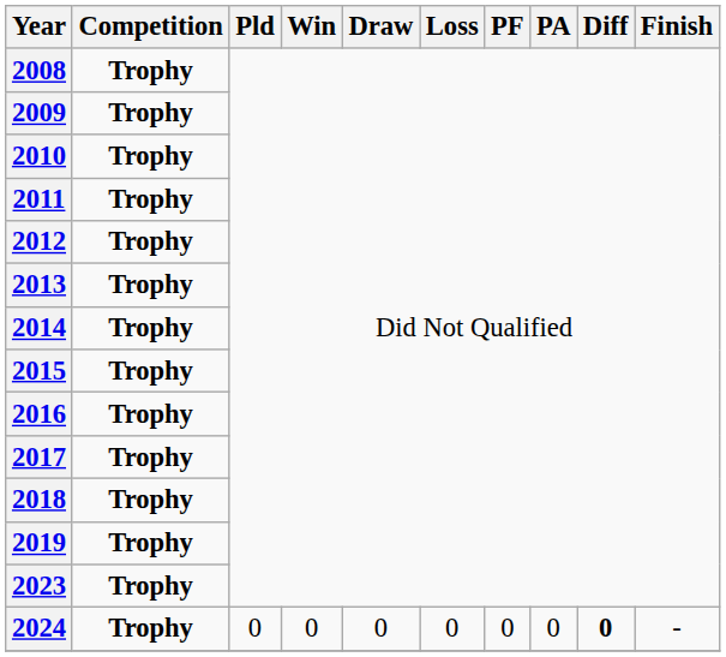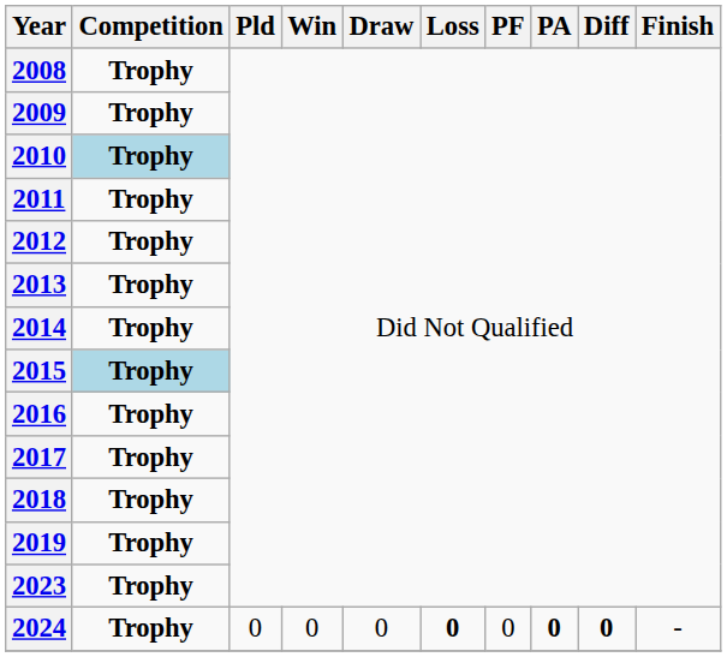 <table class="wikitable" style="text-align:center">
 <tr>
 <th>Year</th>
 <th>Competition</th>
 <th>Pld</th>
 <th>Win</th>
 <th>Draw</th>
 <th>Loss</th>
 <th>PF</th>
 <th>PA</th>
 <th>Diff</th>
 <th>Finish</th>
 </tr>
 <tr>
 <th><a href='#'>2008</a></th>
 <td><strong>Trophy</strong></td>
 <td rowspan=13 colspan=8>Did Not Qualified</td>
 </tr>
 <tr>
 <th><a href='#'>2009</a></th>
 <td><strong>Trophy</strong></td>
 </tr>
 <tr>
 <th><a href='#'>2010</a></th>
-<td><strong>Trophy</strong></td>
+<td style="background: lightblue;"><strong>Trophy</strong></td>
 </tr>
 <tr>
 <th><a href='#'>2011</a></th>
 <td><strong>Trophy</strong></td>
 </tr>
 <tr>
 <th><a href='#'>2012</a></th>
 <td><strong>Trophy</strong></td>
 </tr>
 <tr>
 <th><a href='#'>2013</a></th>
 <td><strong>Trophy</strong></td>
 </tr>
 <tr>
 <th><a href='#'>2014</a></th>
 <td><strong>Trophy</strong></td>
 </tr>
 <tr>
 <th><a href='#'>2015</a></th>
-<td><strong>Trophy</strong></td>
+<td style="background: lightblue;"><strong>Trophy</strong></td>
 </tr>
 <tr>
 <th><a href='#'>2016</a></th>
 <td><strong>Trophy</strong></td>
 </tr>
 <tr>
 <th><a href='#'>2017</a></th>
 <td><strong>Trophy</strong></td>
 </tr>
 <tr>
 <th><a href='#'>2018</a></th>
 <td><strong>Trophy</strong></td>
 </tr>
 <tr>
 <th><a href='#'>2019</a></th>
 <td><strong>Trophy</strong></td>
 </tr>
 <tr>
 <th><a href='#'>2023</a></th>
 <td><strong>Trophy</strong></td>
 </tr>
 <tr>
 <th><a href='#'>2024</a></th>
 <td><strong>Trophy</strong></td>
 <td>0</td>
 <td>0</td>
 <td>0</td>
+<td><strong>0</strong></td>
 <td>0</td>
-<td>0</td>
-<td>0</td>
+<td><strong>0</strong></td>
 <td><strong>0</strong></td>
 <td>-</td>
 </tr>
 <tr>
 </tr>
 </table>
